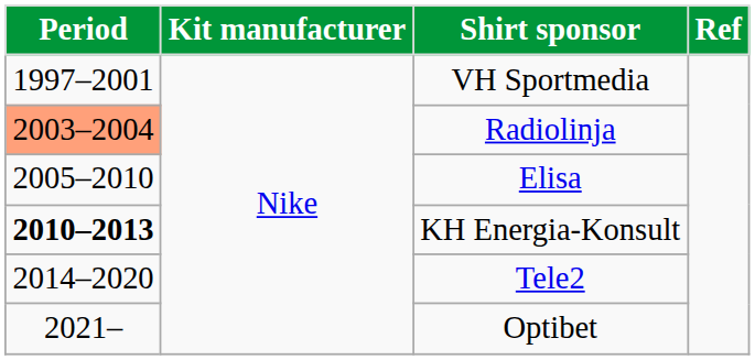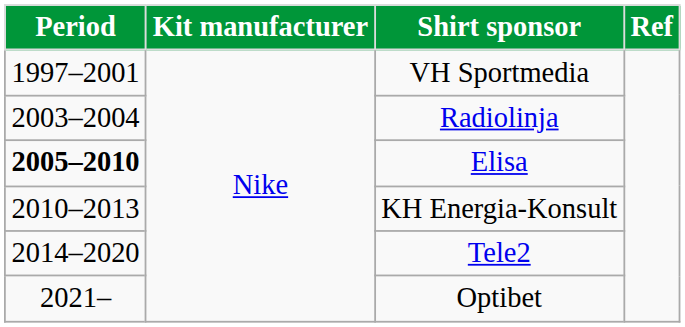 <table class="wikitable" style="text-align:center">
 <tr>
 <th style="background: #009639; color:white; border:1px solid #DCDCDC">Period</th>
 <th style="background: #009639; color:white; border:1px solid #DCDCDC">Kit manufacturer</th>
 <th style="background: #009639; color:white; border:1px solid #DCDCDC">Shirt sponsor</th>
 <th style="background: #009639; color:white; border:1px solid #DCDCDC">Ref</th>
 </tr>
 <tr>
 <td>1997–2001</td>
 <td rowspan="6"><a href='#'>Nike</a></td>
 <td>VH Sportmedia</td>
 <td rowspan="17"></td>
 </tr>
 <tr>
-<td style="background: lightsalmon;">2003–2004</td>
+<td>2003–2004</td>
 <td><a href='#'>Radiolinja</a></td>
 </tr>
 <tr>
-<td>2005–2010</td>
+<td><strong>2005–2010</strong></td>
 <td><a href='#'>Elisa</a></td>
 </tr>
 <tr>
-<td><strong>2010–2013</strong></td>
+<td>2010–2013</td>
 <td>KH Energia-Konsult</td>
 </tr>
 <tr>
 <td>2014–2020</td>
 <td><a href='#'>Tele2</a></td>
 </tr>
 <tr>
 <td>2021–</td>
 <td>Optibet</td>
 </tr>
 </table>
